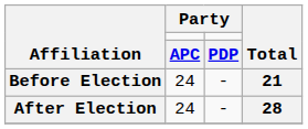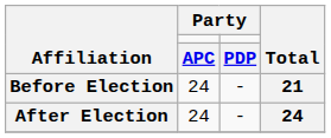 <table class=wikitable style="text-align:center">
 <tr style="vertical-align:bottom;">
 <th rowspan=3>Affiliation</th>
 <th colspan=2>Party</th>
 <th rowspan=3>Total</th>
 </tr>
 <tr>
 <td style="background-color:"></td>
 <td style="background-color:"></td>
 </tr>
 <tr>
 <th><a href='#'>APC</a></th>
 <th><a href='#'>PDP</a></th>
 </tr>
 <tr>
 <th>Before Election</th>
 <td>24</td>
 <td>-</td>
 <th>21</th>
 </tr>
 <tr>
 <th>After Election</th>
 <td>24</td>
 <td>-</td>
-<th>28</th>
+<th>24</th>
 </tr>
 <tr>
 </tr>
 </table>
